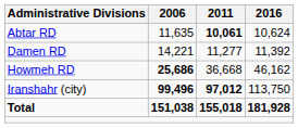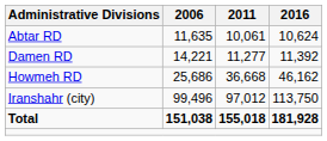 <table class="wikitable">
 <tr>
 <th>Administrative Divisions</th>
 <th>2006</th>
 <th>2011</th>
 <th>2016</th>
 </tr>
 <tr>
 <td><a href='#'>Abtar RD</a></td>
 <td style="text-align: right;">11,635</td>
-<td style="text-align: right;"><strong>10,061</strong></td>
+<td style="text-align: right;">10,061</td>
 <td style="text-align: right;">10,624</td>
 </tr>
 <tr>
 <td><a href='#'>Damen RD</a></td>
 <td style="text-align: right;">14,221</td>
 <td style="text-align: right;">11,277</td>
 <td style="text-align: right;">11,392</td>
 </tr>
 <tr>
 <td><a href='#'>Howmeh RD</a></td>
-<td style="text-align: right;"><strong>25,686</strong></td>
+<td style="text-align: right;">25,686</td>
 <td style="text-align: right;">36,668</td>
 <td style="text-align: right;">46,162</td>
 </tr>
 <tr>
 <td><a href='#'>Iranshahr</a> (city)</td>
-<td style="text-align: right;"><strong>99,496</strong></td>
-<td style="text-align: right;"><strong>97,012</strong></td>
+<td style="text-align: right;">99,496</td>
+<td style="text-align: right;">97,012</td>
 <td style="text-align: right;">113,750</td>
 </tr>
 <tr>
 <td><strong>Total</strong></td>
 <td style="text-align: right;"><strong>151,038</strong></td>
 <td style="text-align: right;"><strong>155,018</strong></td>
 <td style="text-align: right;"><strong>181,928</strong></td>
 </tr>
 <tr>
 <td colspan=4></td>
 </tr>
 </table>
